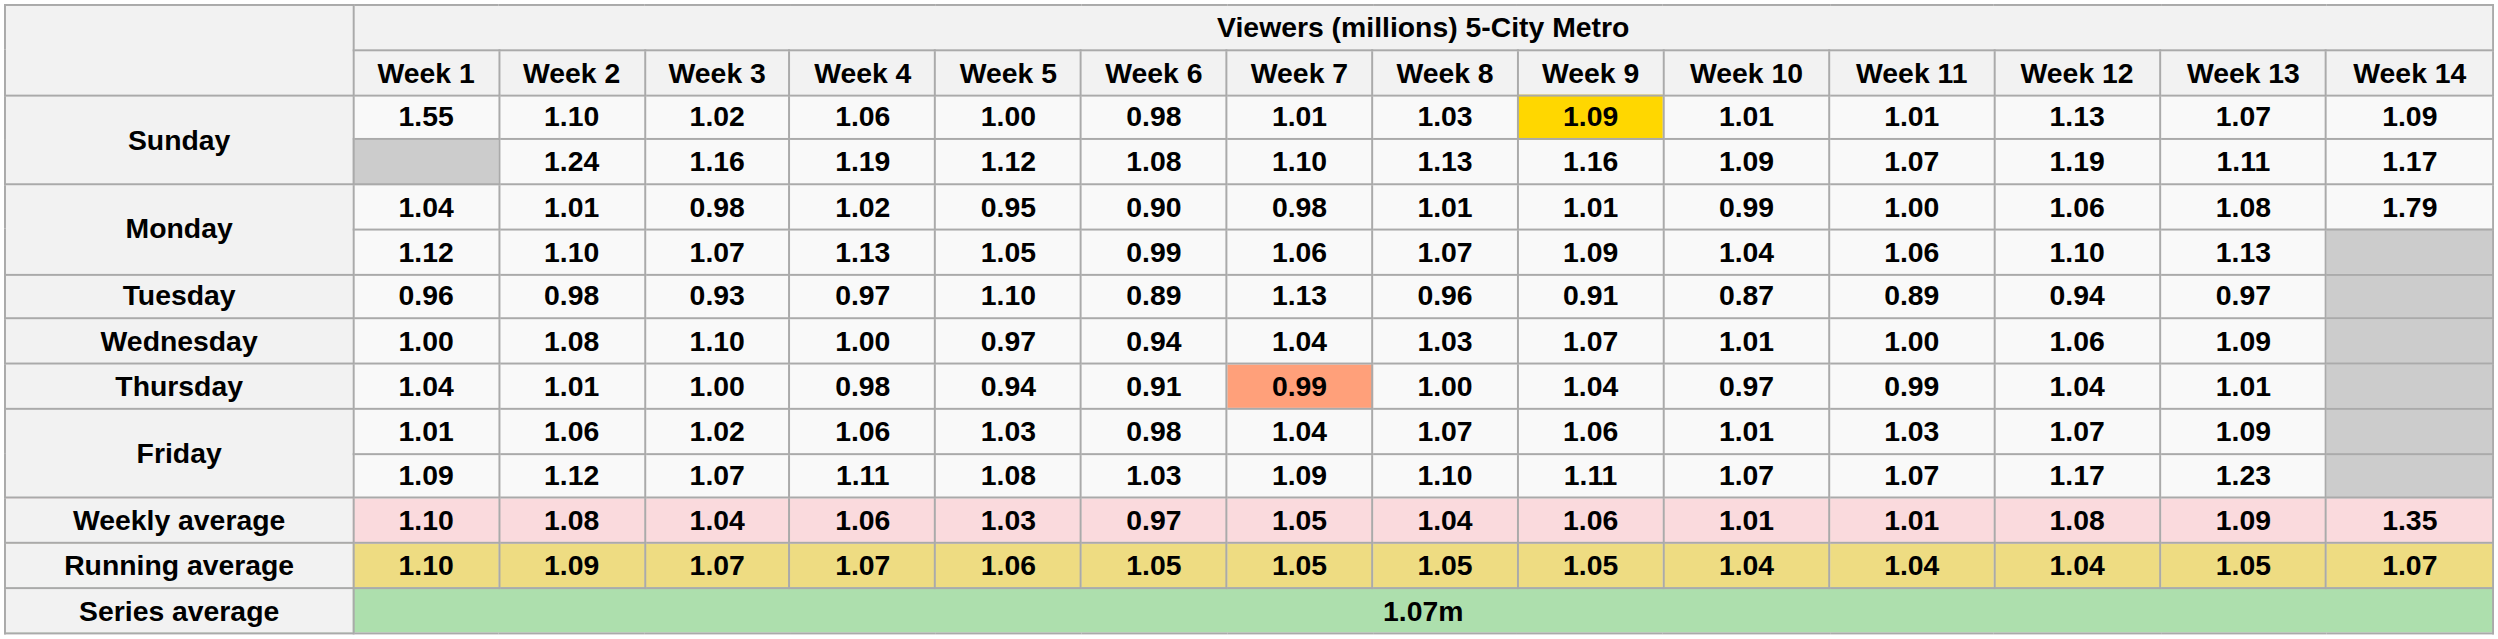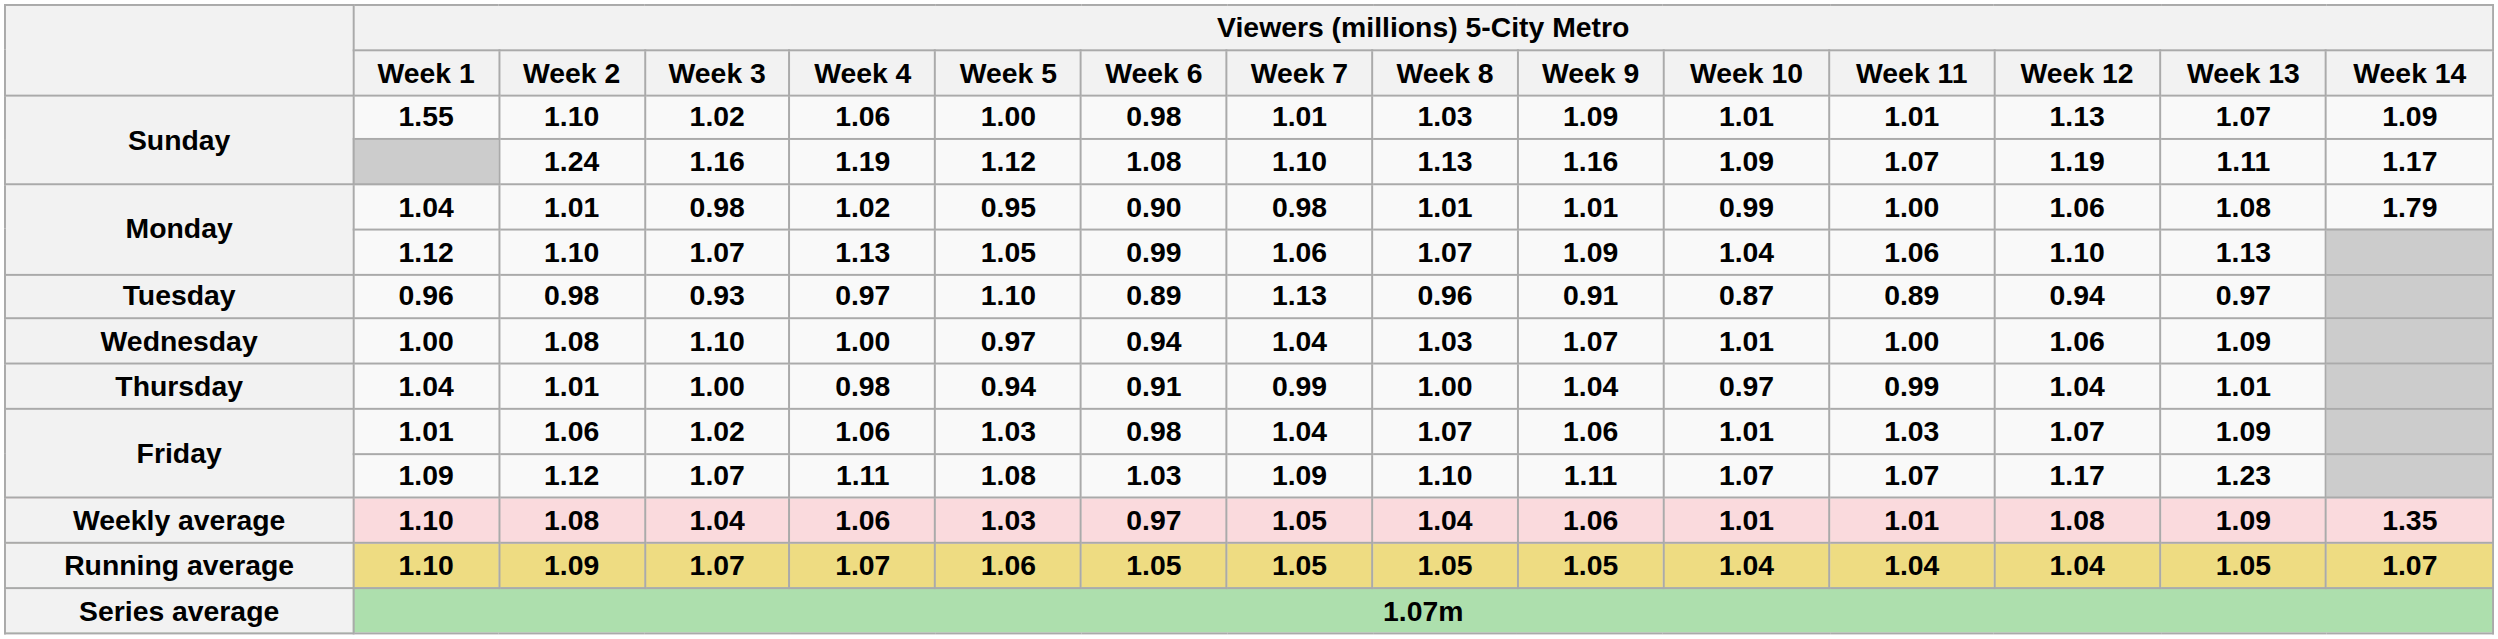 <table class="wikitable" style="font-size:90%; text-align:center; width: 100%; margin-left: auto; margin-right: auto;">
 <tr>
 <th scope="col" rowspan="2" style="width:14%;"></th>
 <th scope=col colspan=14>Viewers (millions) 5-City Metro</th>
 </tr>
 <tr>
 <th>Week 1</th>
 <th>Week 2</th>
 <th>Week 3</th>
 <th>Week 4</th>
 <th>Week 5</th>
 <th>Week 6</th>
 <th>Week 7</th>
 <th>Week 8</th>
 <th>Week 9</th>
 <th>Week 10</th>
 <th>Week 11</th>
 <th>Week 12</th>
 <th>Week 13</th>
 <th>Week 14</th>
 </tr>
 <tr>
 <th rowspan=2>Sunday</th>
 <td><strong>1.55</strong></td>
 <td><strong>1.10</strong></td>
 <td><strong>1.02</strong></td>
 <td><strong>1.06</strong></td>
 <td><strong>1.00</strong></td>
 <td><strong>0.98</strong></td>
 <td><strong>1.01</strong></td>
 <td><strong>1.03</strong></td>
-<td style="background: gold;"><strong>1.09</strong></td>
+<td><strong>1.09</strong></td>
 <td><strong>1.01</strong></td>
 <td><strong>1.01</strong></td>
 <td><strong>1.13</strong></td>
 <td><strong>1.07</strong></td>
 <td><strong>1.09</strong></td>
 </tr>
 <tr>
 <td style=background:#CCC></td>
 <td><strong>1.24</strong></td>
 <td><strong>1.16</strong></td>
 <td><strong>1.19</strong></td>
 <td><strong>1.12</strong></td>
 <td><strong>1.08</strong></td>
 <td><strong>1.10</strong></td>
 <td><strong>1.13</strong></td>
 <td><strong>1.16</strong></td>
 <td><strong>1.09</strong></td>
 <td><strong>1.07</strong></td>
 <td><strong>1.19</strong></td>
 <td><strong>1.11</strong></td>
 <td><strong>1.17</strong></td>
 </tr>
 <tr>
 <th rowspan=2>Monday</th>
 <td><strong>1.04</strong></td>
 <td><strong>1.01</strong></td>
 <td><strong>0.98</strong></td>
 <td><strong>1.02</strong></td>
 <td><strong>0.95</strong></td>
 <td><strong>0.90</strong></td>
 <td><strong>0.98</strong></td>
 <td><strong>1.01</strong></td>
 <td><strong>1.01</strong></td>
 <td><strong>0.99</strong></td>
 <td><strong>1.00</strong></td>
 <td><strong>1.06</strong></td>
 <td><strong>1.08</strong></td>
 <td><strong>1.79</strong></td>
 </tr>
 <tr>
 <td><strong>1.12</strong></td>
 <td><strong>1.10</strong></td>
 <td><strong>1.07</strong></td>
 <td><strong>1.13</strong></td>
 <td><strong>1.05</strong></td>
 <td><strong>0.99</strong></td>
 <td><strong>1.06</strong></td>
 <td><strong>1.07</strong></td>
 <td><strong>1.09</strong></td>
 <td><strong>1.04</strong></td>
 <td><strong>1.06</strong></td>
 <td><strong>1.10</strong></td>
 <td><strong>1.13</strong></td>
 <td style=background:#CCC></td>
 </tr>
 <tr>
 <th>Tuesday</th>
 <td><strong>0.96</strong></td>
 <td><strong>0.98</strong></td>
 <td><strong>0.93</strong></td>
 <td><strong>0.97</strong></td>
 <td><strong>1.10</strong></td>
 <td><strong>0.89</strong></td>
 <td><strong>1.13</strong></td>
 <td><strong>0.96</strong></td>
 <td><strong>0.91</strong></td>
 <td><strong>0.87</strong></td>
 <td><strong>0.89</strong></td>
 <td><strong>0.94</strong></td>
 <td><strong>0.97</strong></td>
 <td style=background:#CCC></td>
 </tr>
 <tr>
 <th>Wednesday</th>
 <td><strong>1.00</strong></td>
 <td><strong>1.08</strong></td>
 <td><strong>1.10</strong></td>
 <td><strong>1.00</strong></td>
 <td><strong>0.97</strong></td>
 <td><strong>0.94</strong></td>
 <td><strong>1.04</strong></td>
 <td><strong>1.03</strong></td>
 <td><strong>1.07</strong></td>
 <td><strong>1.01</strong></td>
 <td><strong>1.00</strong></td>
 <td><strong>1.06</strong></td>
 <td><strong>1.09</strong></td>
 <td style=background:#CCC></td>
 </tr>
 <tr>
 <th>Thursday</th>
 <td><strong>1.04</strong></td>
 <td><strong>1.01</strong></td>
 <td><strong>1.00</strong></td>
 <td><strong>0.98</strong></td>
 <td><strong>0.94</strong></td>
 <td><strong>0.91</strong></td>
-<td style="background: lightsalmon;"><strong>0.99</strong></td>
+<td><strong>0.99</strong></td>
 <td><strong>1.00</strong></td>
 <td><strong>1.04</strong></td>
 <td><strong>0.97</strong></td>
 <td><strong>0.99</strong></td>
 <td><strong>1.04</strong></td>
 <td><strong>1.01</strong></td>
 <td style=background:#CCC></td>
 </tr>
 <tr>
 <th rowspan=2>Friday</th>
 <td><strong>1.01</strong></td>
 <td><strong>1.06</strong></td>
 <td><strong>1.02</strong></td>
 <td><strong>1.06</strong></td>
 <td><strong>1.03</strong></td>
 <td><strong>0.98</strong></td>
 <td><strong>1.04</strong></td>
 <td><strong>1.07</strong></td>
 <td><strong>1.06</strong></td>
 <td><strong>1.01</strong></td>
 <td><strong>1.03</strong></td>
 <td><strong>1.07</strong></td>
 <td><strong>1.09</strong></td>
 <td style=background:#CCC></td>
 </tr>
 <tr>
 <td><strong>1.09</strong></td>
 <td><strong>1.12</strong></td>
 <td><strong>1.07</strong></td>
 <td><strong>1.11</strong></td>
 <td><strong>1.08</strong></td>
 <td><strong>1.03</strong></td>
 <td><strong>1.09</strong></td>
 <td><strong>1.10</strong></td>
 <td><strong>1.11</strong></td>
 <td><strong>1.07</strong></td>
 <td><strong>1.07</strong></td>
 <td><strong>1.17</strong></td>
 <td><strong>1.23</strong></td>
 <td style=background:#CCC></td>
 </tr>
 <tr style="background:#FADADD;" |>
 <th>Weekly average</th>
 <td><strong>1.10</strong></td>
 <td><strong>1.08</strong></td>
 <td><strong>1.04</strong></td>
 <td><strong>1.06</strong></td>
 <td><strong>1.03</strong></td>
 <td><strong>0.97</strong></td>
 <td><strong>1.05</strong></td>
 <td><strong>1.04</strong></td>
 <td><strong>1.06</strong></td>
 <td><strong>1.01</strong></td>
 <td><strong>1.01</strong></td>
 <td><strong>1.08</strong></td>
 <td><strong>1.09</strong></td>
 <td><strong>1.35</strong></td>
 </tr>
 <tr style="background:#EEDC82;" |>
 <th>Running average</th>
 <td><strong>1.10</strong></td>
 <td><strong>1.09</strong></td>
 <td><strong>1.07</strong></td>
 <td><strong>1.07</strong></td>
 <td><strong>1.06</strong></td>
 <td><strong>1.05</strong></td>
 <td><strong>1.05</strong></td>
 <td><strong>1.05</strong></td>
 <td><strong>1.05</strong></td>
 <td><strong>1.04</strong></td>
 <td><strong>1.04</strong></td>
 <td><strong>1.04</strong></td>
 <td><strong>1.05</strong></td>
 <td><strong>1.07</strong></td>
 </tr>
 <tr style="background:#ADDFAD;" |>
 <th>Series average</th>
 <td colspan=14><strong>1.07m</strong></td>
 </tr>
 </table>
